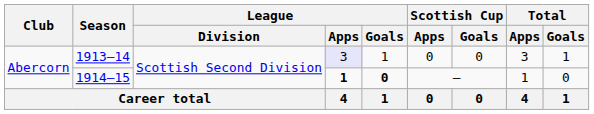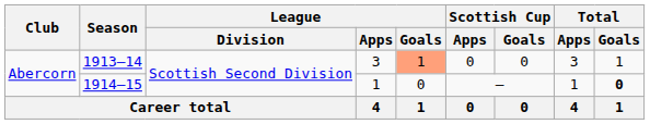 <table class="wikitable" style="text-align: center;">
 <tr>
 <th rowspan="2">Club</th>
 <th rowspan="2">Season</th>
 <th colspan="3">League</th>
 <th colspan="2">Scottish Cup</th>
 <th colspan="2">Total</th>
 </tr>
 <tr>
 <th>Division</th>
 <th>Apps</th>
 <th>Goals</th>
 <th>Apps</th>
 <th>Goals</th>
 <th>Apps</th>
 <th>Goals</th>
 </tr>
 <tr>
 <td rowspan="2"><a href='#'>Abercorn</a></td>
 <td><a href='#'>1913–14</a></td>
 <td rowspan="2"><a href='#'>Scottish Second Division</a></td>
-<td style="background: lavender;">3</td>
-<td>1</td>
+<td>3</td>
+<td style="background: lightsalmon;">1</td>
 <td>0</td>
 <td>0</td>
 <td>3</td>
 <td>1</td>
 </tr>
 <tr>
 <td><a href='#'>1914–15</a></td>
-<td><strong>1</strong></td>
-<td><strong>0</strong></td>
+<td>1</td>
+<td>0</td>
 <td colspan="2">—</td>
 <td>1</td>
-<td>0</td>
+<td><strong>0</strong></td>
 </tr>
 <tr>
 <th colspan="3">Career total</th>
 <th>4</th>
 <th>1</th>
 <th>0</th>
 <th>0</th>
 <th>4</th>
 <th>1</th>
 </tr>
 </table>
